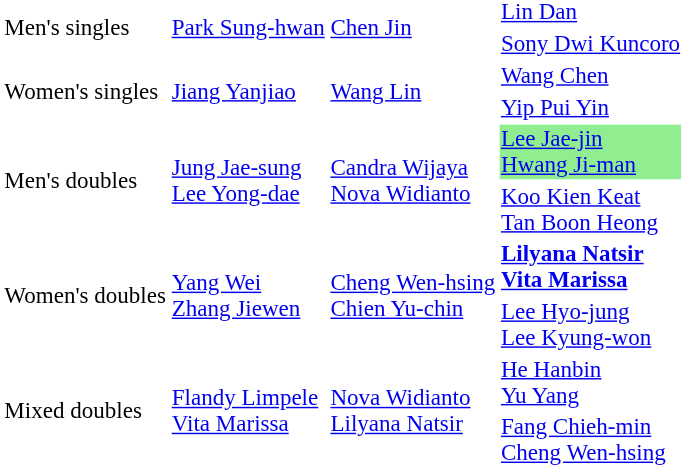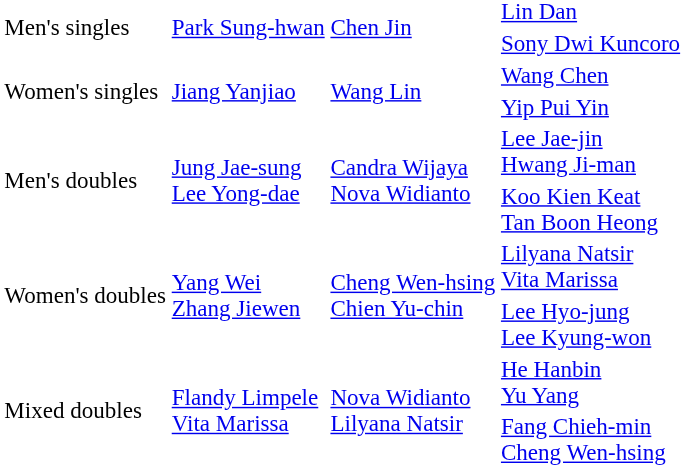 <table>
 <tr>
 <td rowspan=2>Men's singles</td>
 <td rowspan=2> <a href='#'>Park Sung-hwan</a></td>
 <td rowspan=2> <a href='#'>Chen Jin</a></td>
 <td> <a href='#'>Lin Dan</a></td>
 </tr>
 <tr>
 <td> <a href='#'>Sony Dwi Kuncoro</a></td>
 </tr>
 <tr>
 <td rowspan=2>Women's singles</td>
 <td rowspan=2> <a href='#'>Jiang Yanjiao</a></td>
 <td rowspan=2> <a href='#'>Wang Lin</a></td>
 <td> <a href='#'>Wang Chen</a></td>
 </tr>
 <tr>
 <td> <a href='#'>Yip Pui Yin</a></td>
 </tr>
 <tr>
 <td rowspan=2>Men's doubles</td>
 <td rowspan=2> <a href='#'>Jung Jae-sung</a> <br> <a href='#'>Lee Yong-dae</a></td>
 <td rowspan=2> <a href='#'>Candra Wijaya</a> <br> <a href='#'>Nova Widianto</a></td>
-<td style="background: lightgreen;"> <a href='#'>Lee Jae-jin</a> <br> <a href='#'>Hwang Ji-man</a></td>
+<td> <a href='#'>Lee Jae-jin</a> <br> <a href='#'>Hwang Ji-man</a></td>
 </tr>
 <tr>
 <td> <a href='#'>Koo Kien Keat</a> <br> <a href='#'>Tan Boon Heong</a></td>
 </tr>
 <tr>
 <td rowspan=2>Women's doubles</td>
 <td rowspan=2> <a href='#'>Yang Wei</a> <br> <a href='#'>Zhang Jiewen</a></td>
 <td rowspan=2> <a href='#'>Cheng Wen-hsing</a> <br> <a href='#'>Chien Yu-chin</a></td>
-<td><strong> <a href='#'>Lilyana Natsir</a> <br> <a href='#'>Vita Marissa</a></strong></td>
+<td> <a href='#'>Lilyana Natsir</a> <br> <a href='#'>Vita Marissa</a></td>
 </tr>
 <tr>
 <td> <a href='#'>Lee Hyo-jung</a> <br> <a href='#'>Lee Kyung-won</a></td>
 </tr>
 <tr>
 <td rowspan=2>Mixed doubles</td>
 <td rowspan=2> <a href='#'>Flandy Limpele</a> <br> <a href='#'>Vita Marissa</a></td>
 <td rowspan=2> <a href='#'>Nova Widianto</a> <br> <a href='#'>Lilyana Natsir</a></td>
 <td> <a href='#'>He Hanbin</a> <br> <a href='#'>Yu Yang</a></td>
 </tr>
 <tr>
 <td> <a href='#'>Fang Chieh-min</a> <br> <a href='#'>Cheng Wen-hsing</a></td>
 </tr>
 </table>
